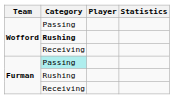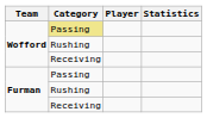 <table class="wikitable" style="float: right;">
 <tr>
 <th>Team</th>
 <th>Category</th>
 <th>Player</th>
 <th>Statistics</th>
 </tr>
 <tr>
 <td rowspan=3><strong>Wofford</strong></td>
-<td>Passing</td>
+<td style="background: khaki;">Passing</td>
 <td></td>
 <td></td>
 </tr>
 <tr>
-<td><strong>Rushing</strong></td>
+<td>Rushing</td>
 <td></td>
 <td></td>
 </tr>
 <tr>
 <td>Receiving</td>
 <td></td>
 <td></td>
 </tr>
 <tr>
 <td rowspan=3><strong>Furman</strong></td>
-<td style="background: paleturquoise;">Passing</td>
+<td>Passing</td>
 <td></td>
 <td></td>
 </tr>
 <tr>
 <td>Rushing</td>
 <td></td>
 <td></td>
 </tr>
 <tr>
 <td>Receiving</td>
 <td></td>
 <td></td>
 </tr>
 </table>
